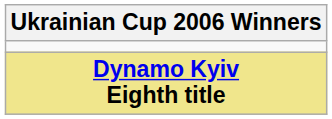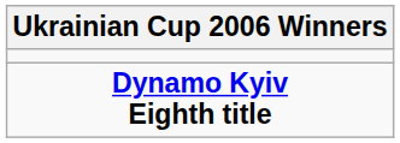 <table class="wikitable" style="text-align: center; margin: 0 auto;">
 <tr>
 <th>Ukrainian Cup 2006 Winners</th>
 </tr>
 <tr>
 <td></td>
 </tr>
 <tr>
-<td style="background: khaki;"><strong><a href='#'>Dynamo Kyiv</a></strong><br><strong>Eighth title</strong></td>
+<td><strong><a href='#'>Dynamo Kyiv</a></strong><br><strong>Eighth title</strong></td>
 </tr>
 </table>
